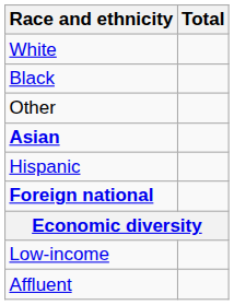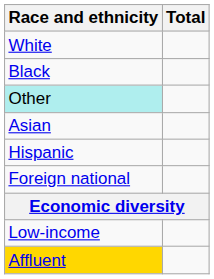 <table class="wikitable floatright sortable collapsible"; text-align:right; font-size:80%;">
 <tr>
 <th>Race and ethnicity</th>
 <th colspan="2" data-sort-type=number>Total</th>
 </tr>
 <tr>
 <td><a href='#'>White</a></td>
 <td align=right></td>
 </tr>
 <tr>
 <td><a href='#'>Black</a></td>
 <td align=right></td>
 </tr>
 <tr>
-<td>Other</td>
+<td style="background: paleturquoise;">Other</td>
 <td align=right></td>
 </tr>
 <tr>
-<td><strong><a href='#'>Asian</a></strong></td>
+<td><a href='#'>Asian</a></td>
 <td align=right></td>
 </tr>
 <tr>
 <td><a href='#'>Hispanic</a></td>
 <td align=right></td>
 </tr>
 <tr>
-<td><strong><a href='#'>Foreign national</a></strong></td>
+<td><a href='#'>Foreign national</a></td>
 <td align=right></td>
 </tr>
 <tr>
 <th colspan="4" data-sort-type=number><a href='#'>Economic diversity</a></th>
 </tr>
 <tr>
 <td><a href='#'>Low-income</a></td>
 <td align=right></td>
 </tr>
 <tr>
-<td><a href='#'>Affluent</a></td>
+<td style="background: gold;"><a href='#'>Affluent</a></td>
 <td align=right></td>
 </tr>
 </table>
